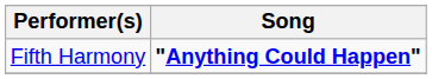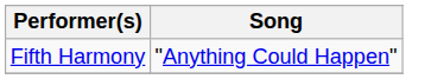 <table class="wikitable">
 <tr>
 </tr>
 <tr>
 <th>Performer(s)</th>
 <th>Song</th>
 </tr>
 <tr>
 <td><a href='#'>Fifth Harmony</a></td>
-<td><strong>"<a href='#'>Anything Could Happen</a>"</strong></td>
+<td>"<a href='#'>Anything Could Happen</a>"</td>
 </tr>
 <tr>
 </tr>
 </table>
